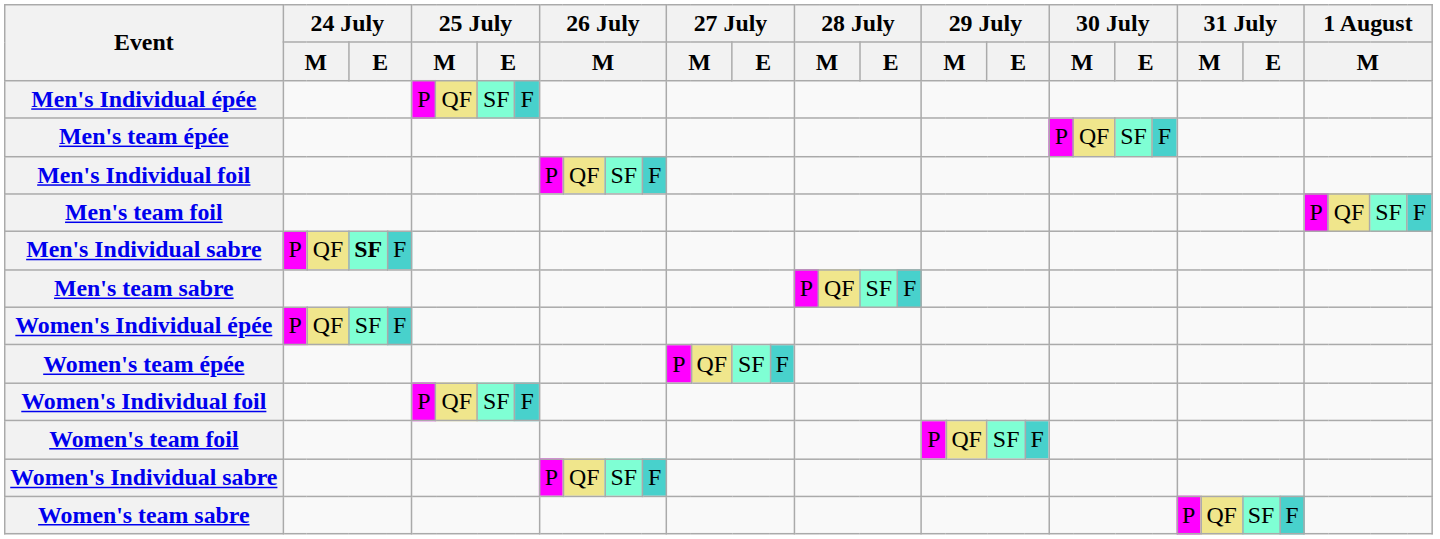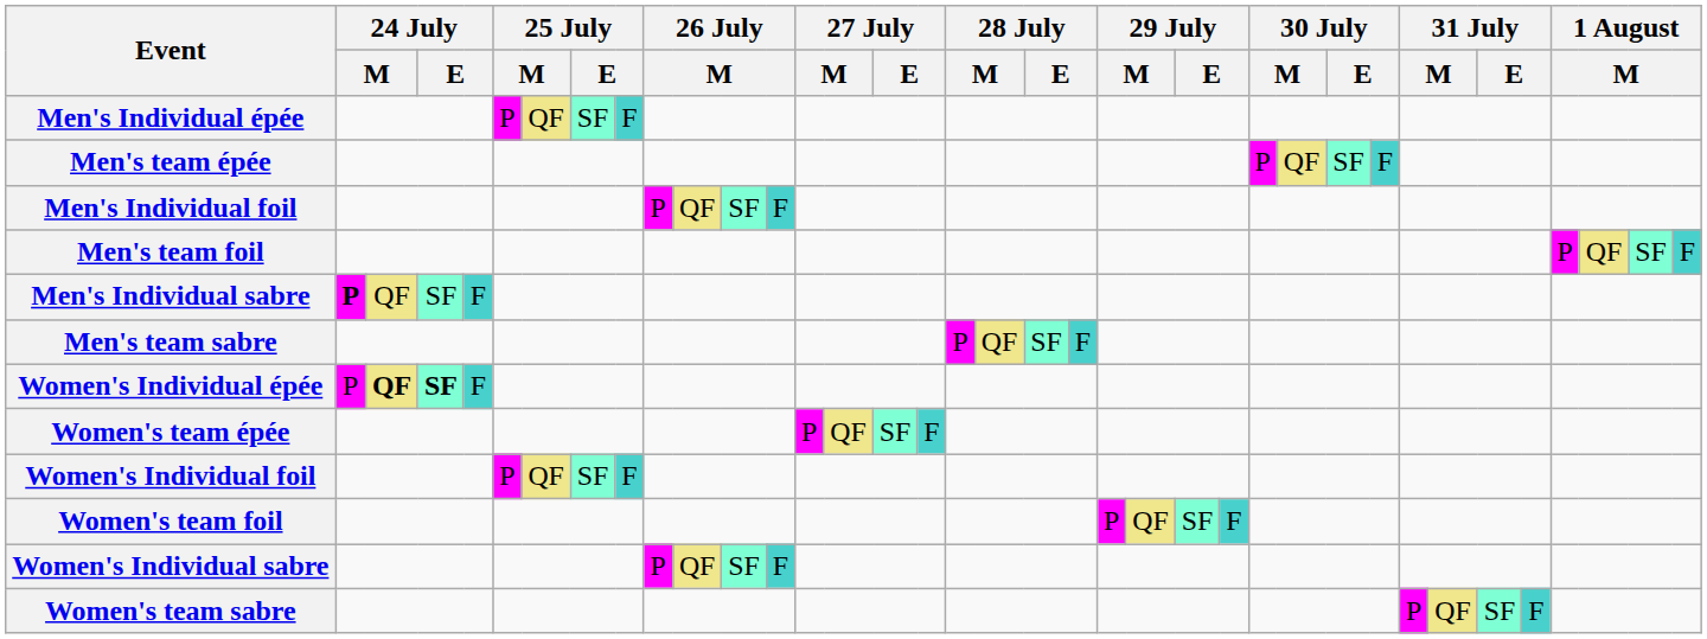 <table class="wikitable olympic-schedule Fencing plainrowheaders" style="text-align:center">
 <tr>
 <th scope="col" rowspan="2">Event</th>
 <th colspan="4">24 July</th>
 <th colspan="4">25 July</th>
 <th colspan="4">26 July</th>
 <th colspan="4">27 July</th>
 <th colspan="4">28 July</th>
 <th colspan="4">29 July</th>
 <th colspan="4">30 July</th>
 <th colspan="4">31 July</th>
 <th colspan="4">1 August</th>
 </tr>
 <tr>
 <th scope="col" colspan="2">M</th>
 <th colspan="2">E</th>
 <th colspan="2">M</th>
 <th colspan="2">E</th>
 <th colspan="4">M</th>
 <th colspan="2">M</th>
 <th colspan="2">E</th>
 <th colspan="2">M</th>
 <th colspan="2">E</th>
 <th colspan="2">M</th>
 <th colspan="2">E</th>
 <th colspan="2">M</th>
 <th colspan="2">E</th>
 <th colspan="2">M</th>
 <th colspan="2">E</th>
 <th colspan="4">M</th>
 </tr>
 <tr>
 <th scope="row"><a href='#'>Men's Individual épée</a></th>
 <td colspan="4"></td>
 <td style="background-color:#FF00FF">P</td>
 <td style="background-color:#F0E68C">QF</td>
 <td style="background-color:#7FFFD4">SF</td>
 <td style="background-color:#48D1CC">F</td>
 <td colspan="4"></td>
 <td colspan="4"></td>
 <td colspan="4"></td>
 <td colspan="4"></td>
 <td colspan="4"></td>
 <td colspan="4"></td>
 <td colspan="4"></td>
 </tr>
 <tr>
 <th scope="row"><a href='#'>Men's team épée</a></th>
 <td colspan="4"></td>
 <td colspan="4"></td>
 <td colspan="4"></td>
 <td colspan="4"></td>
 <td colspan="4"></td>
 <td colspan="4"></td>
 <td style="background-color:#FF00FF">P</td>
 <td style="background-color:#F0E68C">QF</td>
 <td style="background-color:#7FFFD4">SF</td>
 <td style="background-color:#48D1CC">F</td>
 <td colspan="4"></td>
 <td colspan="4"></td>
 </tr>
 <tr>
 <th scope="row"><a href='#'>Men's Individual foil</a></th>
 <td colspan="4"></td>
 <td colspan="4"></td>
 <td style="background-color:#FF00FF">P</td>
 <td style="background-color:#F0E68C">QF</td>
 <td style="background-color:#7FFFD4">SF</td>
 <td style="background-color:#48D1CC">F</td>
 <td colspan="4"></td>
 <td colspan="4"></td>
 <td colspan="4"></td>
 <td colspan="4"></td>
 <td colspan="4"></td>
 <td colspan="4"></td>
 </tr>
 <tr>
 <th scope="row"><a href='#'>Men's team foil</a></th>
 <td colspan="4"></td>
 <td colspan="4"></td>
 <td colspan="4"></td>
 <td colspan="4"></td>
 <td colspan="4"></td>
 <td colspan="4"></td>
 <td colspan="4"></td>
 <td colspan="4"></td>
 <td style="background-color:#FF00FF">P</td>
 <td style="background-color:#F0E68C">QF</td>
 <td style="background-color:#7FFFD4">SF</td>
 <td style="background-color:#48D1CC">F</td>
 </tr>
 <tr>
 <th scope="row"><a href='#'>Men's Individual sabre</a></th>
-<td style="background-color:#FF00FF">P</td>
+<td style="background-color:#FF00FF"><strong>P</strong></td>
 <td style="background-color:#F0E68C">QF</td>
-<td style="background-color:#7FFFD4"><strong>SF</strong></td>
+<td style="background-color:#7FFFD4">SF</td>
 <td style="background-color:#48D1CC">F</td>
 <td colspan="4"></td>
 <td colspan="4"></td>
 <td colspan="4"></td>
 <td colspan="4"></td>
 <td colspan="4"></td>
 <td colspan="4"></td>
 <td colspan="4"></td>
 <td colspan="4"></td>
 </tr>
 <tr>
 <th scope="row"><a href='#'>Men's team sabre</a></th>
 <td colspan="4"></td>
 <td colspan="4"></td>
 <td colspan="4"></td>
 <td colspan="4"></td>
 <td style="background-color:#FF00FF">P</td>
 <td style="background-color:#F0E68C">QF</td>
 <td style="background-color:#7FFFD4">SF</td>
 <td style="background-color:#48D1CC">F</td>
 <td colspan="4"></td>
 <td colspan="4"></td>
 <td colspan="4"></td>
 <td colspan="4"></td>
 </tr>
 <tr>
 <th scope="row"><a href='#'>Women's Individual épée</a></th>
 <td style="background-color:#FF00FF">P</td>
-<td style="background-color:#F0E68C">QF</td>
-<td style="background-color:#7FFFD4">SF</td>
+<td style="background-color:#F0E68C"><strong>QF</strong></td>
+<td style="background-color:#7FFFD4"><strong>SF</strong></td>
 <td style="background-color:#48D1CC">F</td>
 <td colspan="4"></td>
 <td colspan="4"></td>
 <td colspan="4"></td>
 <td colspan="4"></td>
 <td colspan="4"></td>
 <td colspan="4"></td>
 <td colspan="4"></td>
 <td colspan="4"></td>
 </tr>
 <tr>
 <th scope="row"><a href='#'>Women's team épée</a></th>
 <td colspan="4"></td>
 <td colspan="4"></td>
 <td colspan="4"></td>
 <td style="background-color:#FF00FF">P</td>
 <td style="background-color:#F0E68C">QF</td>
 <td style="background-color:#7FFFD4">SF</td>
 <td style="background-color:#48D1CC">F</td>
 <td colspan="4"></td>
 <td colspan="4"></td>
 <td colspan="4"></td>
 <td colspan="4"></td>
 <td colspan="4"></td>
 </tr>
 <tr>
 <th scope="row"><a href='#'>Women's Individual foil</a></th>
 <td colspan="4"></td>
 <td style="background-color:#FF00FF">P</td>
 <td style="background-color:#F0E68C">QF</td>
 <td style="background-color:#7FFFD4">SF</td>
 <td style="background-color:#48D1CC">F</td>
 <td colspan="4"></td>
 <td colspan="4"></td>
 <td colspan="4"></td>
 <td colspan="4"></td>
 <td colspan="4"></td>
 <td colspan="4"></td>
 <td colspan="4"></td>
 </tr>
 <tr>
 <th scope="row"><a href='#'>Women's team foil</a></th>
 <td colspan="4"></td>
 <td colspan="4"></td>
 <td colspan="4"></td>
 <td colspan="4"></td>
 <td colspan="4"></td>
 <td style="background-color:#FF00FF">P</td>
 <td style="background-color:#F0E68C">QF</td>
 <td style="background-color:#7FFFD4">SF</td>
 <td style="background-color:#48D1CC">F</td>
 <td colspan="4"></td>
 <td colspan="4"></td>
 <td colspan="4"></td>
 </tr>
 <tr>
 <th scope="row"><a href='#'>Women's Individual sabre</a></th>
 <td colspan="4"></td>
 <td colspan="4"></td>
 <td style="background-color:#FF00FF">P</td>
 <td style="background-color:#F0E68C">QF</td>
 <td style="background-color:#7FFFD4">SF</td>
 <td style="background-color:#48D1CC">F</td>
 <td colspan="4"></td>
 <td colspan="4"></td>
 <td colspan="4"></td>
 <td colspan="4"></td>
 <td colspan="4"></td>
 <td colspan="4"></td>
 </tr>
 <tr>
 <th scope="row"><a href='#'>Women's team sabre</a></th>
 <td colspan="4"></td>
 <td colspan="4"></td>
 <td colspan="4"></td>
 <td colspan="4"></td>
 <td colspan="4"></td>
 <td colspan="4"></td>
 <td colspan="4"></td>
 <td style="background-color:#FF00FF">P</td>
 <td style="background-color:#F0E68C">QF</td>
 <td style="background-color:#7FFFD4">SF</td>
 <td style="background-color:#48D1CC">F</td>
 <td colspan="4"></td>
 </tr>
 </table>
